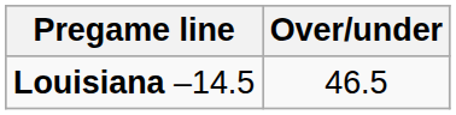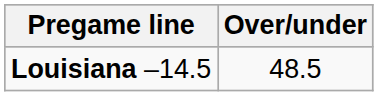 <table class="wikitable">
 <tr align="center">
 <th>Pregame line</th>
 <th>Over/under</th>
 </tr>
 <tr align="center">
 <td><strong>Louisiana</strong> –14.5</td>
-<td>46.5</td>
+<td>48.5</td>
 </tr>
 </table>
